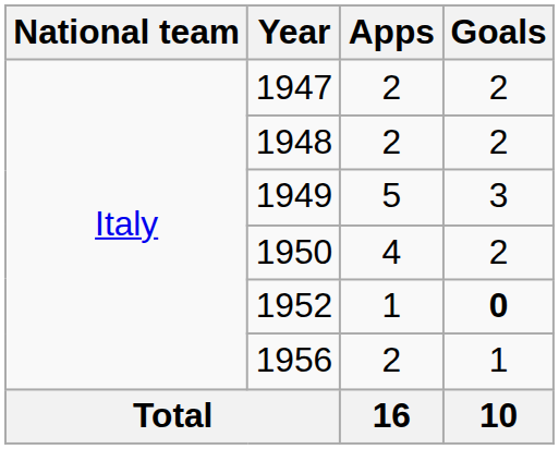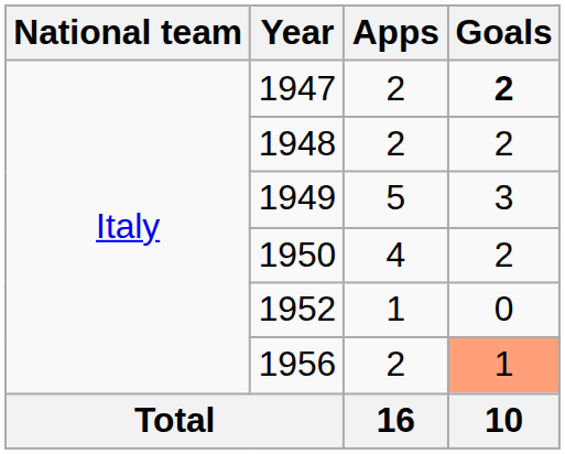 <table class="wikitable" style="text-align:center">
 <tr>
 <th>National team</th>
 <th>Year</th>
 <th>Apps</th>
 <th>Goals</th>
 </tr>
 <tr>
 <td rowspan="6"><a href='#'>Italy</a></td>
 <td>1947</td>
 <td>2</td>
-<td>2</td>
+<td><strong>2</strong></td>
 </tr>
 <tr>
 <td>1948</td>
 <td>2</td>
 <td>2</td>
 </tr>
 <tr>
 <td>1949</td>
 <td>5</td>
 <td>3</td>
 </tr>
 <tr>
 <td>1950</td>
 <td>4</td>
 <td>2</td>
 </tr>
 <tr>
 <td>1952</td>
 <td>1</td>
-<td><strong>0</strong></td>
+<td>0</td>
 </tr>
 <tr>
 <td>1956</td>
 <td>2</td>
-<td>1</td>
+<td style="background: lightsalmon;">1</td>
 </tr>
 <tr>
 <th colspan="2">Total</th>
 <th>16</th>
 <th>10</th>
 </tr>
 </table>
